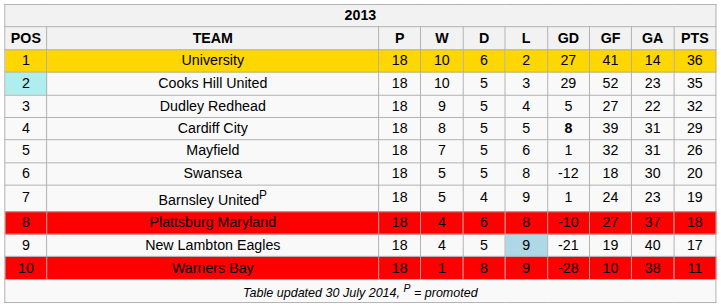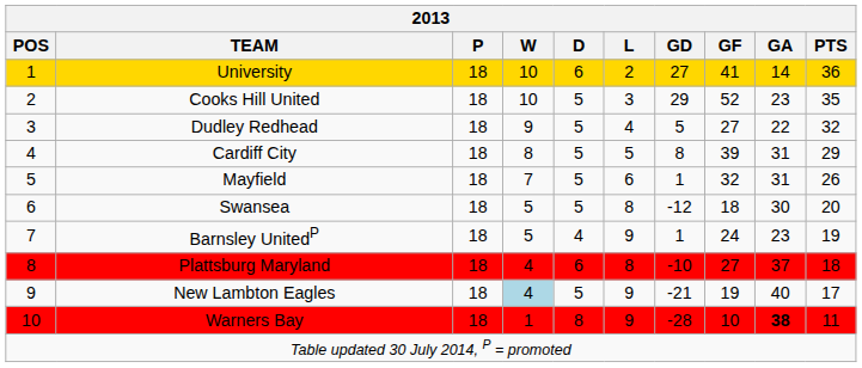 <table class="wikitable collapsible collapsed" style="text-align:center; min-width:50em; margin: 1em auto 1em auto;">
 <tr>
 <th colspan=10>2013</th>
 </tr>
 <tr>
 <th scope="col" width="40px">POS</th>
 <th scope="col">TEAM</th>
 <th scope="col" width="40px">P</th>
 <th scope="col" width="40px">W</th>
 <th scope="col" width="40px">D</th>
 <th scope="col" width="40px">L</th>
 <th scope="col" width="40px">GD</th>
 <th scope="col" width="40px">GF</th>
 <th scope="col" width="40px">GA</th>
 <th scope="col" width="40px">PTS</th>
 </tr>
 <tr style="background: gold;">
 <td>1</td>
 <td>University</td>
 <td>18</td>
 <td>10</td>
 <td>6</td>
 <td>2</td>
 <td>27</td>
 <td>41</td>
 <td>14</td>
 <td>36</td>
 </tr>
 <tr>
-<td style="background: paleturquoise;">2</td>
+<td>2</td>
 <td>Cooks Hill United</td>
 <td>18</td>
 <td>10</td>
 <td>5</td>
 <td>3</td>
 <td>29</td>
 <td>52</td>
 <td>23</td>
 <td>35</td>
 </tr>
 <tr>
 <td>3</td>
 <td>Dudley Redhead</td>
 <td>18</td>
 <td>9</td>
 <td>5</td>
 <td>4</td>
 <td>5</td>
 <td>27</td>
 <td>22</td>
 <td>32</td>
 </tr>
 <tr>
 <td>4</td>
 <td>Cardiff City</td>
 <td>18</td>
 <td>8</td>
 <td>5</td>
 <td>5</td>
-<td><strong>8</strong></td>
+<td>8</td>
 <td>39</td>
 <td>31</td>
 <td>29</td>
 </tr>
 <tr>
 <td>5</td>
 <td>Mayfield</td>
 <td>18</td>
 <td>7</td>
 <td>5</td>
 <td>6</td>
 <td>1</td>
 <td>32</td>
 <td>31</td>
 <td>26</td>
 </tr>
 <tr>
 <td>6</td>
 <td>Swansea</td>
 <td>18</td>
 <td>5</td>
 <td>5</td>
 <td>8</td>
 <td>-12</td>
 <td>18</td>
 <td>30</td>
 <td>20</td>
 </tr>
 <tr>
 <td>7</td>
 <td>Barnsley United<sup>P</sup></td>
 <td>18</td>
 <td>5</td>
 <td>4</td>
 <td>9</td>
 <td>1</td>
 <td>24</td>
 <td>23</td>
 <td>19</td>
 </tr>
 <tr style="background: red;">
 <td>8</td>
 <td>Plattsburg Maryland</td>
 <td>18</td>
 <td>4</td>
 <td>6</td>
 <td>8</td>
 <td>-10</td>
 <td>27</td>
 <td>37</td>
 <td>18</td>
 </tr>
 <tr>
 <td>9</td>
 <td>New Lambton Eagles</td>
 <td>18</td>
-<td>4</td>
+<td style="background: lightblue;">4</td>
 <td>5</td>
-<td style="background: lightblue;">9</td>
+<td>9</td>
 <td>-21</td>
 <td>19</td>
 <td>40</td>
 <td>17</td>
 </tr>
 <tr style="background: red;">
 <td>10</td>
 <td>Warners Bay</td>
 <td>18</td>
 <td>1</td>
 <td>8</td>
 <td>9</td>
 <td>-28</td>
 <td>10</td>
-<td>38</td>
+<td><strong>38</strong></td>
 <td>11</td>
 </tr>
 <tr>
 <td colspan=10 style="font-size:88%"><em>Table updated 30 July 2014, <sup>P</sup> = promoted</em></td>
 </tr>
 </table>
